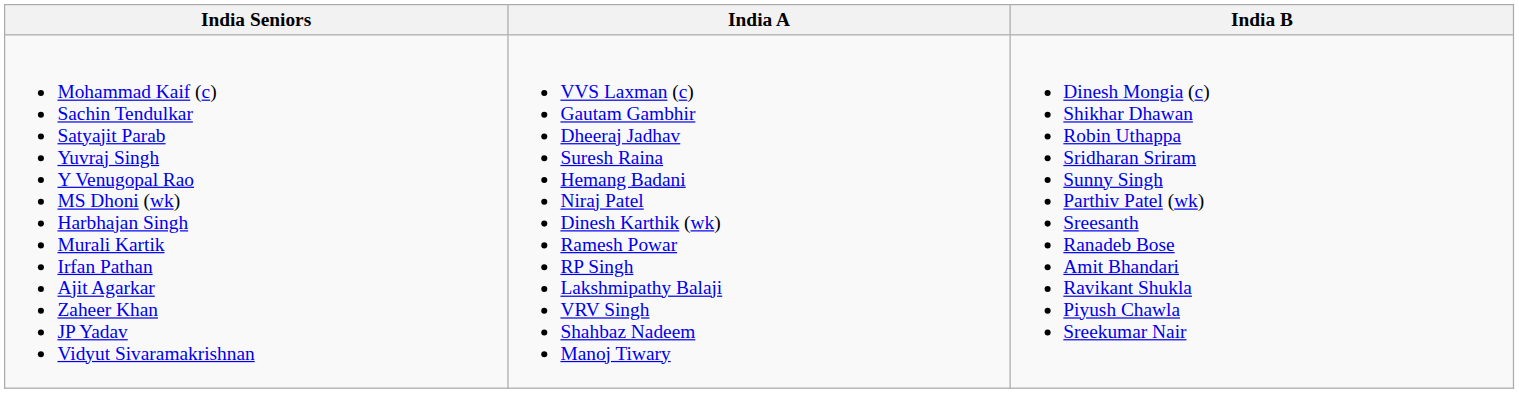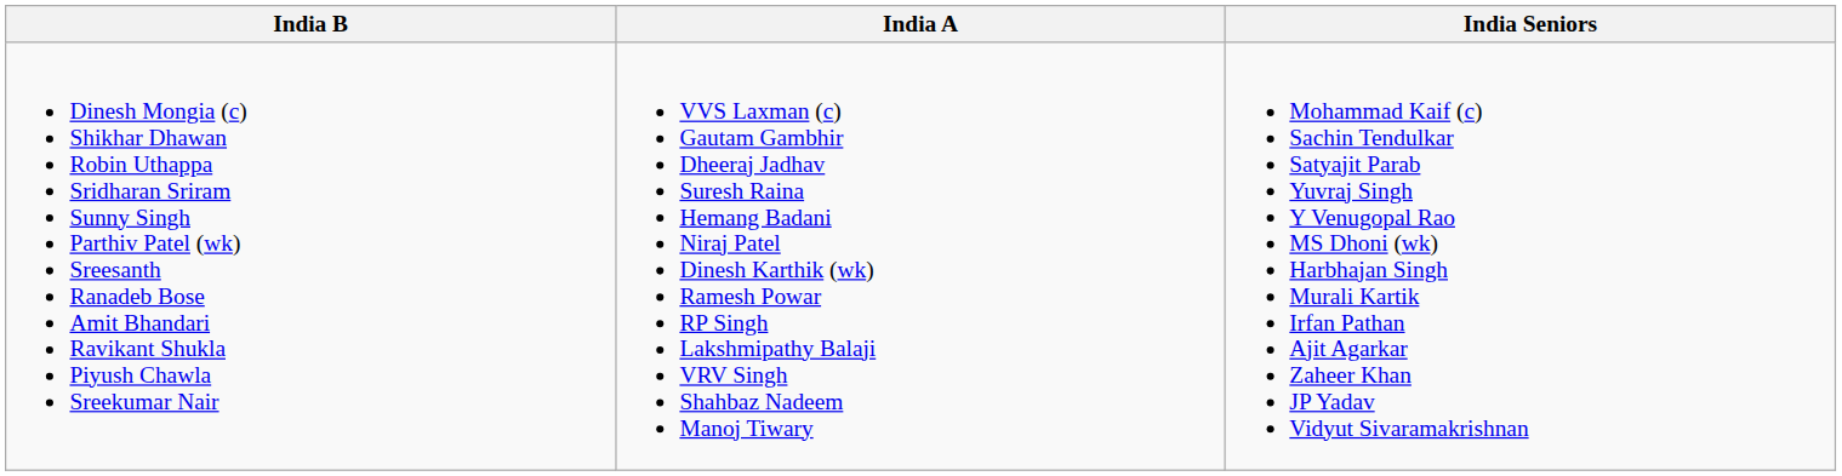 <table class="wikitable">
 <tr>
+<th style="width:15%;"> India B </th>
+<th style="width:15%;"> India A </th>
 <th style="width:15%;"> India Seniors </th>
-<th style="width:15%;"> India A </th>
-<th style="width:15%;"> India B </th>
 </tr>
 <tr style="vertical-align:top">
+<td><br><ul><li><a href='#'>Dinesh Mongia</a> (<a href='#'>c</a>)</li><li><a href='#'>Shikhar Dhawan</a></li><li><a href='#'>Robin Uthappa</a></li><li><a href='#'>Sridharan Sriram</a></li><li><a href='#'>Sunny Singh</a></li><li><a href='#'>Parthiv Patel</a> (<a href='#'>wk</a>)</li><li><a href='#'>Sreesanth</a></li><li><a href='#'>Ranadeb Bose</a></li><li><a href='#'>Amit Bhandari</a></li><li><a href='#'>Ravikant Shukla</a></li><li><a href='#'>Piyush Chawla</a></li><li><a href='#'>Sreekumar Nair</a></li></ul></td>
+<td><br><ul><li><a href='#'>VVS Laxman</a> (<a href='#'>c</a>)</li><li><a href='#'>Gautam Gambhir</a></li><li><a href='#'>Dheeraj Jadhav</a></li><li><a href='#'>Suresh Raina</a></li><li><a href='#'>Hemang Badani</a></li><li><a href='#'>Niraj Patel</a></li><li><a href='#'>Dinesh Karthik</a> (<a href='#'>wk</a>)</li><li><a href='#'>Ramesh Powar</a></li><li><a href='#'>RP Singh</a></li><li><a href='#'>Lakshmipathy Balaji</a></li><li><a href='#'>VRV Singh</a></li><li><a href='#'>Shahbaz Nadeem</a></li><li><a href='#'>Manoj Tiwary</a></li></ul></td>
 <td><br><ul><li><a href='#'>Mohammad Kaif</a> (<a href='#'>c</a>)</li><li><a href='#'>Sachin Tendulkar</a></li><li><a href='#'>Satyajit Parab</a></li><li><a href='#'>Yuvraj Singh</a></li><li><a href='#'>Y Venugopal Rao</a></li><li><a href='#'>MS Dhoni</a> (<a href='#'>wk</a>)</li><li><a href='#'>Harbhajan Singh</a></li><li><a href='#'>Murali Kartik</a></li><li><a href='#'>Irfan Pathan</a></li><li><a href='#'>Ajit Agarkar</a></li><li><a href='#'>Zaheer Khan</a></li><li><a href='#'>JP Yadav</a></li><li><a href='#'>Vidyut Sivaramakrishnan</a></li></ul></td>
-<td><br><ul><li><a href='#'>VVS Laxman</a> (<a href='#'>c</a>)</li><li><a href='#'>Gautam Gambhir</a></li><li><a href='#'>Dheeraj Jadhav</a></li><li><a href='#'>Suresh Raina</a></li><li><a href='#'>Hemang Badani</a></li><li><a href='#'>Niraj Patel</a></li><li><a href='#'>Dinesh Karthik</a> (<a href='#'>wk</a>)</li><li><a href='#'>Ramesh Powar</a></li><li><a href='#'>RP Singh</a></li><li><a href='#'>Lakshmipathy Balaji</a></li><li><a href='#'>VRV Singh</a></li><li><a href='#'>Shahbaz Nadeem</a></li><li><a href='#'>Manoj Tiwary</a></li></ul></td>
-<td><br><ul><li><a href='#'>Dinesh Mongia</a> (<a href='#'>c</a>)</li><li><a href='#'>Shikhar Dhawan</a></li><li><a href='#'>Robin Uthappa</a></li><li><a href='#'>Sridharan Sriram</a></li><li><a href='#'>Sunny Singh</a></li><li><a href='#'>Parthiv Patel</a> (<a href='#'>wk</a>)</li><li><a href='#'>Sreesanth</a></li><li><a href='#'>Ranadeb Bose</a></li><li><a href='#'>Amit Bhandari</a></li><li><a href='#'>Ravikant Shukla</a></li><li><a href='#'>Piyush Chawla</a></li><li><a href='#'>Sreekumar Nair</a></li></ul></td>
 </tr>
 </table>
